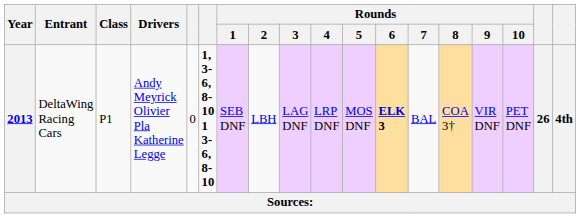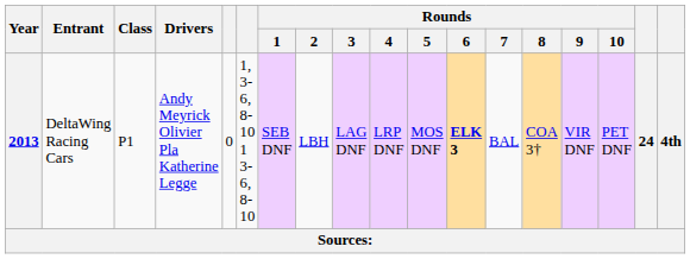 <table class="wikitable">
 <tr>
 <th rowspan="2">Year</th>
 <th rowspan="2">Entrant</th>
 <th rowspan="2">Class</th>
 <th rowspan="2">Drivers</th>
 <th rowspan="2"></th>
 <th rowspan="2"></th>
 <th colspan="10">Rounds</th>
 <th rowspan="2"></th>
 <th rowspan="2"></th>
 </tr>
 <tr>
 <th>1</th>
 <th>2</th>
 <th>3</th>
 <th>4</th>
 <th>5</th>
 <th>6</th>
 <th>7</th>
 <th>8</th>
 <th>9</th>
 <th>10</th>
 </tr>
 <tr>
 <th><a href='#'>2013</a></th>
 <td> DeltaWing Racing Cars</td>
 <td>P1</td>
 <td> <a href='#'>Andy Meyrick</a><br> <a href='#'>Olivier Pla</a><br> <a href='#'>Katherine Legge</a></td>
 <td>0</td>
-<td><strong>1, 3-6, 8-10<br>1<br>3-6, 8-10</strong></td>
+<td>1, 3-6, 8-10<br>1<br>3-6, 8-10</td>
 <td style="background:#EFCFFF;"><a href='#'>SEB</a><br>DNF</td>
 <td><a href='#'>LBH</a><br></td>
 <td style="background:#EFCFFF;"><a href='#'>LAG</a><br>DNF</td>
 <td style="background:#EFCFFF;"><a href='#'>LRP</a><br>DNF</td>
 <td style="background:#EFCFFF;"><a href='#'>MOS</a><br>DNF</td>
 <td style="background:#FFDF9F;”"><strong><a href='#'>ELK</a><br>3</strong></td>
 <td><a href='#'>BAL</a><br></td>
 <td style="background:#FFDF9F;”"><a href='#'>COA</a><br>3†</td>
 <td style="background:#EFCFFF;"><a href='#'>VIR</a><br>DNF</td>
 <td style="background:#EFCFFF;"><a href='#'>PET</a><br>DNF</td>
-<th>26</th>
+<th>24</th>
 <th>4th</th>
 </tr>
 <tr>
 <th colspan="18">Sources:</th>
 </tr>
 </table>
